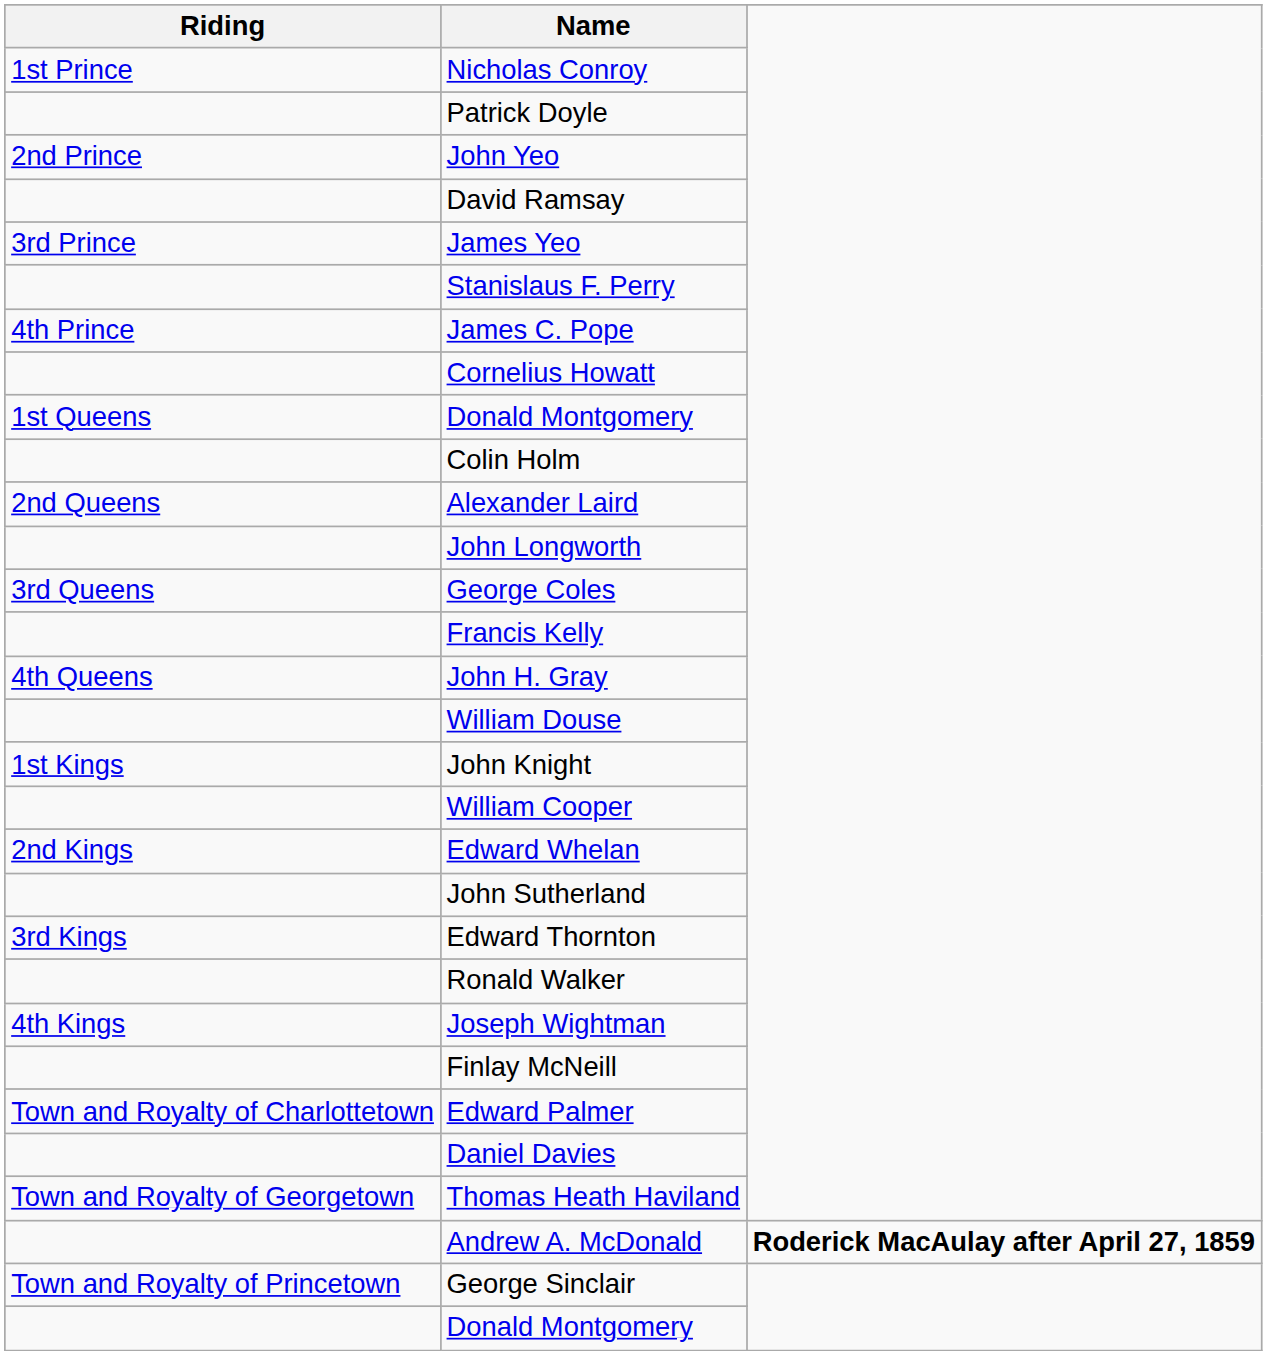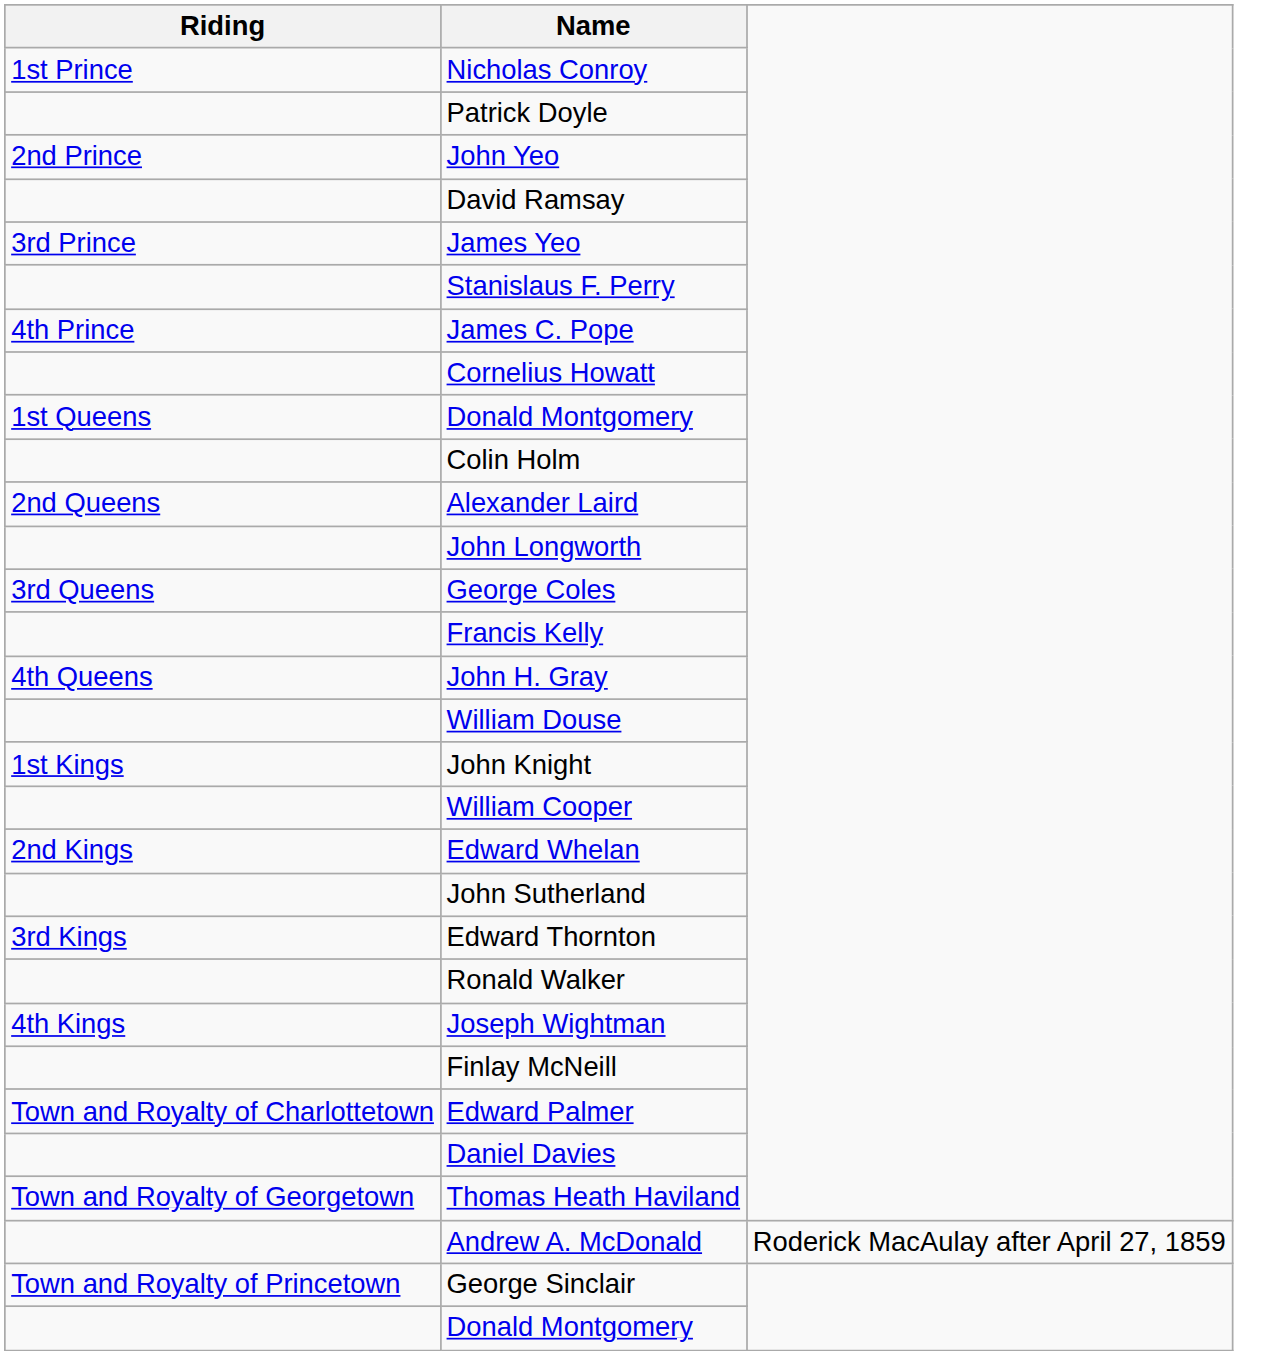 <table class="wikitable">
 <tr>
 <th>Riding</th>
 <th>Name</th>
 </tr>
 <tr>
 <td><a href='#'>1st Prince</a></td>
 <td><a href='#'>Nicholas Conroy</a></td>
 </tr>
 <tr>
 <td></td>
 <td>Patrick Doyle</td>
 </tr>
 <tr>
 <td><a href='#'>2nd Prince</a></td>
 <td><a href='#'>John Yeo</a></td>
 </tr>
 <tr>
 <td></td>
 <td>David Ramsay</td>
 </tr>
 <tr>
 <td><a href='#'>3rd Prince</a></td>
 <td><a href='#'>James Yeo</a></td>
 </tr>
 <tr>
 <td></td>
 <td><a href='#'>Stanislaus F. Perry</a></td>
 </tr>
 <tr>
 <td><a href='#'>4th Prince</a></td>
 <td><a href='#'>James C. Pope</a></td>
 </tr>
 <tr>
 <td></td>
 <td><a href='#'>Cornelius Howatt</a></td>
 </tr>
 <tr>
 <td><a href='#'>1st Queens</a></td>
 <td><a href='#'>Donald Montgomery</a></td>
 </tr>
 <tr>
 <td></td>
 <td>Colin Holm</td>
 </tr>
 <tr>
 <td><a href='#'>2nd Queens</a></td>
 <td><a href='#'>Alexander Laird</a></td>
 </tr>
 <tr>
 <td></td>
 <td><a href='#'>John Longworth</a></td>
 </tr>
 <tr>
 <td><a href='#'>3rd Queens</a></td>
 <td><a href='#'>George Coles</a></td>
 </tr>
 <tr>
 <td></td>
 <td><a href='#'>Francis Kelly</a></td>
 </tr>
 <tr>
 <td><a href='#'>4th Queens</a></td>
 <td><a href='#'>John H. Gray</a></td>
 </tr>
 <tr>
 <td></td>
 <td><a href='#'>William Douse</a></td>
 </tr>
 <tr>
 <td><a href='#'>1st Kings</a></td>
 <td>John Knight</td>
 </tr>
 <tr>
 <td></td>
 <td><a href='#'>William Cooper</a></td>
 </tr>
 <tr>
 <td><a href='#'>2nd Kings</a></td>
 <td><a href='#'>Edward Whelan</a></td>
 </tr>
 <tr>
 <td></td>
 <td>John Sutherland</td>
 </tr>
 <tr>
 <td><a href='#'>3rd Kings</a></td>
 <td>Edward Thornton</td>
 </tr>
 <tr>
 <td></td>
 <td>Ronald Walker</td>
 </tr>
 <tr>
 <td><a href='#'>4th Kings</a></td>
 <td><a href='#'>Joseph Wightman</a></td>
 </tr>
 <tr>
 <td></td>
 <td>Finlay McNeill</td>
 </tr>
 <tr>
 <td><a href='#'>Town and Royalty of Charlottetown</a></td>
 <td><a href='#'>Edward Palmer</a></td>
 </tr>
 <tr>
 <td></td>
 <td><a href='#'>Daniel Davies</a></td>
 </tr>
 <tr>
 <td><a href='#'>Town and Royalty of Georgetown</a></td>
 <td><a href='#'>Thomas Heath Haviland</a></td>
 </tr>
 <tr>
 <td></td>
 <td><a href='#'>Andrew A. McDonald</a></td>
-<td><strong>Roderick MacAulay after April 27, 1859</strong></td>
+<td>Roderick MacAulay after April 27, 1859</td>
 </tr>
 <tr>
 <td><a href='#'>Town and Royalty of Princetown</a></td>
 <td>George Sinclair</td>
 </tr>
 <tr>
 <td></td>
 <td><a href='#'>Donald Montgomery</a></td>
 </tr>
 </table>
